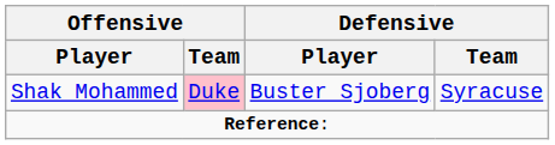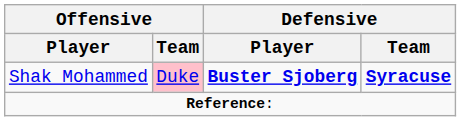 <table class="wikitable" style="text-align: center;">
 <tr>
 <th colspan="2">Offensive</th>
 <th colspan="2">Defensive</th>
 </tr>
 <tr>
 <th>Player</th>
 <th>Team</th>
 <th>Player</th>
 <th>Team</th>
 </tr>
 <tr>
 <td><a href='#'>Shak Mohammed</a></td>
 <td style="background: pink;"><a href='#'>Duke</a></td>
-<td><a href='#'>Buster Sjoberg</a></td>
-<td><a href='#'>Syracuse</a></td>
+<td><strong><a href='#'>Buster Sjoberg</a></strong></td>
+<td><strong><a href='#'>Syracuse</a></strong></td>
 </tr>
 <tr>
 <td colspan="4"  style="font-size:8pt; text-align:center;"><strong>Reference</strong>:</td>
 </tr>
 </table>
